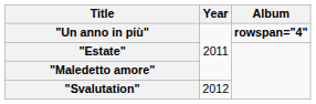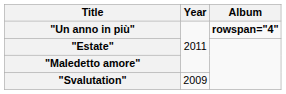 <table class="wikitable plainrowheaders" style="text-align:center;">
 <tr>
 <th scope="col" style="width:16em;">Title</th>
 <th scope="col" style="width:1em;">Year</th>
 <th scope="col">Album</th>
 </tr>
 <tr>
 <th scope="row">"Un anno in più"</th>
 <td rowspan="3">2011</td>
 <td><strong>rowspan="4" </strong></td>
 </tr>
 <tr>
 <th scope="row">"Estate"</th>
 </tr>
 <tr>
 <th scope="row">"Maledetto amore"</th>
 </tr>
 <tr>
 <th scope="row">"Svalutation"</th>
-<td>2012</td>
+<td>2009</td>
 </tr>
 </table>
